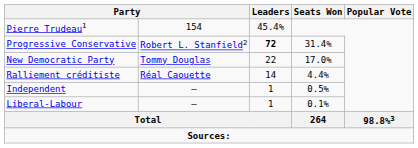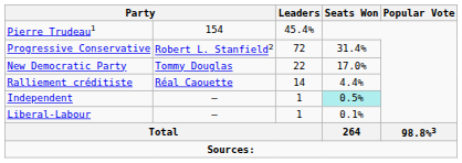 <table class="wikitable">
 <tr>
 <th colspan="2">Party</th>
 <th>Leaders</th>
 <th>Seats Won</th>
 <th>Popular Vote</th>
 </tr>
 <tr>
 <td><a href='#'>Pierre Trudeau</a><sup>1</sup></td>
 <td align=center>154</td>
 <td align=center>45.4%</td>
 </tr>
 <tr>
 <td><a href='#'>Progressive Conservative</a></td>
 <td><a href='#'>Robert L. Stanfield</a><sup>2</sup></td>
-<td align=center><strong>72</strong></td>
+<td align=center>72</td>
 <td align=center>31.4%</td>
 </tr>
 <tr>
 <td><a href='#'>New Democratic Party</a></td>
 <td><a href='#'>Tommy Douglas</a></td>
 <td align=center>22</td>
 <td align=center>17.0%</td>
 </tr>
 <tr>
 <td><a href='#'>Ralliement créditiste</a></td>
 <td><a href='#'>Réal Caouette</a></td>
 <td align=center>14</td>
 <td align=center>4.4%</td>
 </tr>
 <tr>
 <td><a href='#'>Independent</a></td>
 <td align=center>–</td>
 <td align=center>1</td>
-<td align=center>0.5%</td>
+<td align=center style="background: paleturquoise;">0.5%</td>
 </tr>
 <tr>
 <td><a href='#'>Liberal-Labour</a></td>
 <td align=center>–</td>
 <td align=center>1</td>
 <td align=center>0.1%</td>
 </tr>
 <tr>
 <th colspan=3 align=left>Total</th>
 <th align=center>264</th>
 <th align=center>98.8%<sup>3</sup></th>
 </tr>
 <tr>
 <td align="center" colspan=5><strong>Sources:</strong> </td>
 </tr>
 </table>
